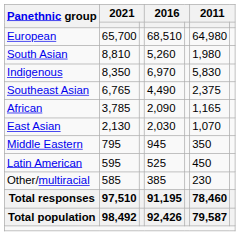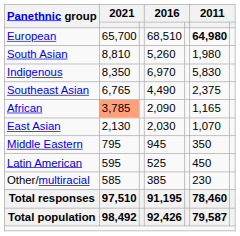 <table class="wikitable collapsible sortable">
 <tr>
 <th rowspan="2"><a href='#'>Panethnic</a> group</th>
 <th colspan="2">2021</th>
 <th colspan="2">2016</th>
 <th colspan="2">2011</th>
 </tr>
 <tr>
 <th><a href='#'></a></th>
 <th></th>
 <th></th>
 <th></th>
 <th></th>
 <th></th>
 </tr>
 <tr>
 <td><a href='#'>European</a></td>
 <td>65,700</td>
 <td></td>
 <td>68,510</td>
 <td></td>
-<td>64,980</td>
+<td><strong>64,980</strong></td>
 <td></td>
 </tr>
 <tr>
 <td><a href='#'>South Asian</a></td>
 <td>8,810</td>
 <td></td>
 <td>5,260</td>
 <td></td>
 <td>1,980</td>
 <td></td>
 </tr>
 <tr>
 <td><a href='#'>Indigenous</a></td>
 <td>8,350</td>
 <td></td>
 <td>6,970</td>
 <td></td>
 <td>5,830</td>
 <td></td>
 </tr>
 <tr>
 <td><a href='#'>Southeast Asian</a></td>
 <td>6,765</td>
 <td></td>
 <td>4,490</td>
 <td></td>
 <td>2,375</td>
 <td></td>
 </tr>
 <tr>
 <td><a href='#'>African</a></td>
-<td>3,785</td>
+<td style="background: lightsalmon;">3,785</td>
 <td></td>
 <td>2,090</td>
 <td></td>
 <td>1,165</td>
 <td></td>
 </tr>
 <tr>
 <td><a href='#'>East Asian</a></td>
 <td>2,130</td>
 <td></td>
 <td>2,030</td>
 <td></td>
 <td>1,070</td>
 <td></td>
 </tr>
 <tr>
 <td><a href='#'>Middle Eastern</a></td>
 <td>795</td>
 <td></td>
 <td>945</td>
 <td></td>
 <td>350</td>
 <td></td>
 </tr>
 <tr>
 <td><a href='#'>Latin American</a></td>
 <td>595</td>
 <td></td>
 <td>525</td>
 <td></td>
 <td>450</td>
 <td></td>
 </tr>
 <tr>
 <td>Other/<a href='#'>multiracial</a></td>
 <td>585</td>
 <td></td>
 <td>385</td>
 <td></td>
 <td>230</td>
 <td></td>
 </tr>
 <tr>
 <th>Total responses</th>
 <th>97,510</th>
 <th></th>
 <th>91,195</th>
 <th></th>
 <th>78,460</th>
 <th></th>
 </tr>
 <tr class="sortbottom">
 <th>Total population</th>
 <th>98,492</th>
 <th></th>
 <th>92,426</th>
 <th></th>
 <th>79,587</th>
 <th></th>
 </tr>
 <tr class="sortbottom">
 <td colspan="15"></td>
 </tr>
 </table>
